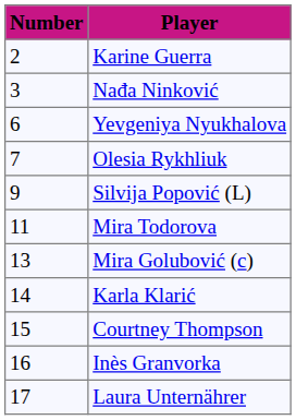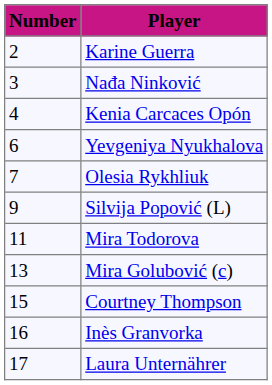 <table cellpadding="3" cellspacing="0" border="1" style="background: #f7f8ff; font-size: 95%; border: gray solid 1px; border-collapse: collapse;">
 <tr style="background: #c71585">
 <td align=center><strong>Number</strong></td>
 <td align=center><strong>Player</strong></td>
 </tr>
 <tr align=left>
 <td>2</td>
 <td> <a href='#'>Karine Guerra</a></td>
 </tr>
 <tr align="lef">
 <td>3</td>
 <td> <a href='#'>Nađa Ninković</a></td>
+</tr>
+<tr align="lef">
+<td>4</td>
+<td> <a href='#'>Kenia Carcaces Opón</a></td>
 </tr>
 <tr align=left>
 <td>6</td>
 <td> <a href='#'>Yevgeniya Nyukhalova</a></td>
 </tr>
 <tr align=left>
 <td>7</td>
 <td> <a href='#'>Olesia Rykhliuk</a></td>
 </tr>
 <tr align="lef">
 <td>9</td>
 <td> <a href='#'>Silvija Popović</a> (L)</td>
 </tr>
 <tr align="lef">
 <td>11</td>
 <td> <a href='#'>Mira Todorova</a></td>
 </tr>
 <tr align="lef">
 <td>13</td>
 <td> <a href='#'>Mira Golubović</a>  (<a href='#'>c</a>)</td>
 </tr>
 <tr align="lef">
-<td>14</td>
-<td> <a href='#'>Karla Klarić</a></td>
-</tr>
-<tr align="lef">
 <td>15</td>
 <td> <a href='#'>Courtney Thompson</a></td>
 </tr>
 <tr align="lef">
 <td>16</td>
 <td> <a href='#'>Inès Granvorka</a></td>
 </tr>
 <tr align="lef">
 <td>17</td>
 <td> <a href='#'>Laura Unternährer</a></td>
 </tr>
 </table>
